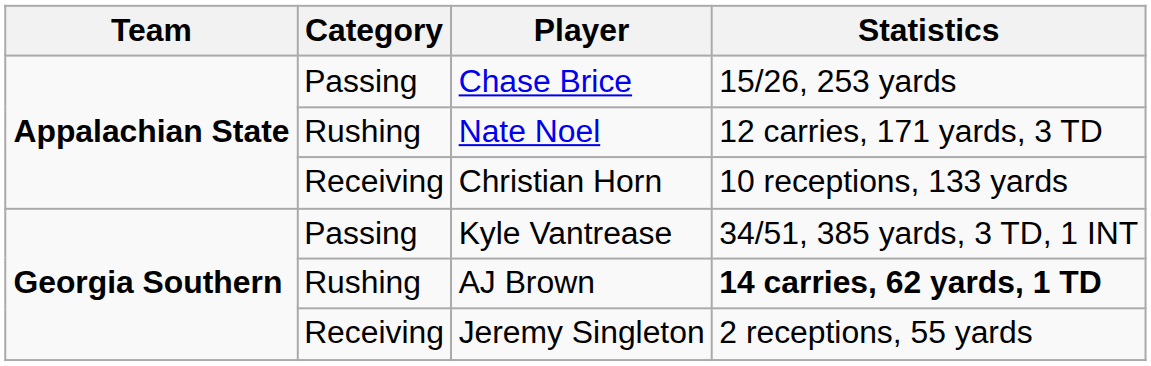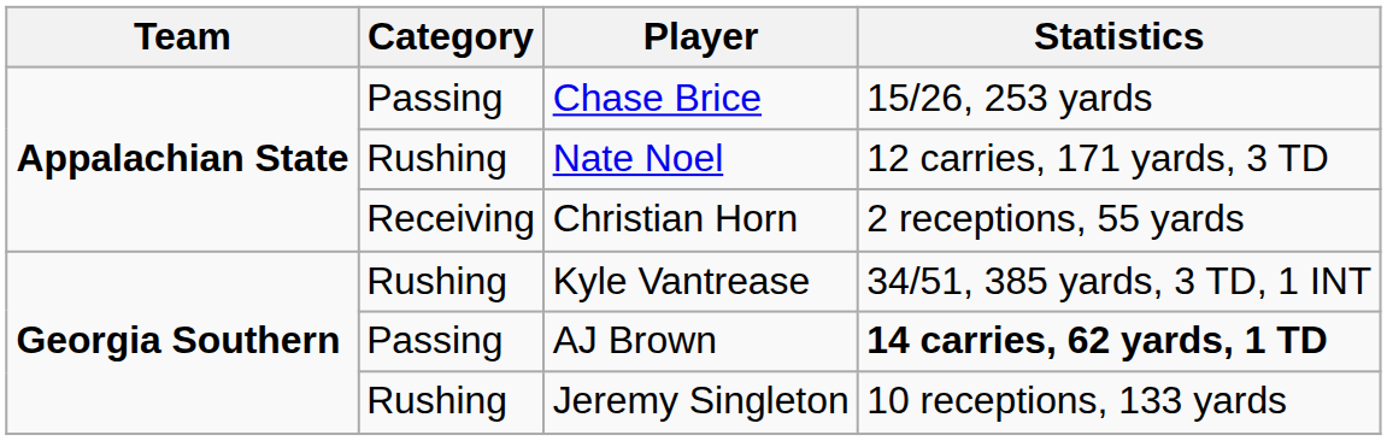 <table class="wikitable" style="float: right;">
 <tr>
 <th>Team</th>
 <th>Category</th>
 <th>Player</th>
 <th>Statistics</th>
 </tr>
 <tr>
 <td rowspan=3><strong>Appalachian State</strong></td>
 <td>Passing</td>
 <td><a href='#'>Chase Brice</a></td>
 <td>15/26, 253 yards</td>
 </tr>
 <tr>
 <td>Rushing</td>
 <td><a href='#'>Nate Noel</a></td>
 <td>12 carries, 171 yards, 3 TD</td>
 </tr>
 <tr>
 <td>Receiving</td>
 <td>Christian Horn</td>
-<td>10 receptions, 133 yards</td>
+<td>2 receptions, 55 yards</td>
 </tr>
 <tr>
 <td rowspan=3><strong>Georgia Southern</strong></td>
-<td>Passing</td>
+<td>Rushing</td>
 <td>Kyle Vantrease</td>
 <td>34/51, 385 yards, 3 TD, 1 INT</td>
 </tr>
 <tr>
-<td>Rushing</td>
+<td>Passing</td>
 <td>AJ Brown</td>
 <td><strong>14 carries, 62 yards, 1 TD</strong></td>
 </tr>
 <tr>
-<td>Receiving</td>
+<td>Rushing</td>
 <td>Jeremy Singleton</td>
-<td>2 receptions, 55 yards</td>
+<td>10 receptions, 133 yards</td>
 </tr>
 </table>
